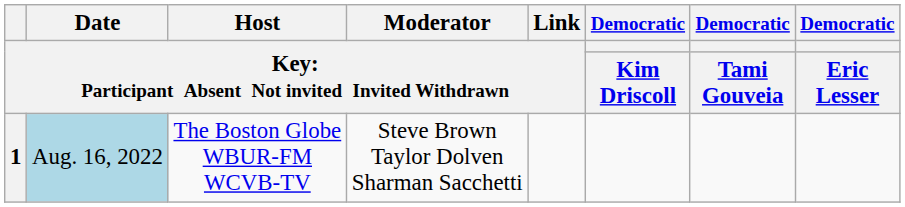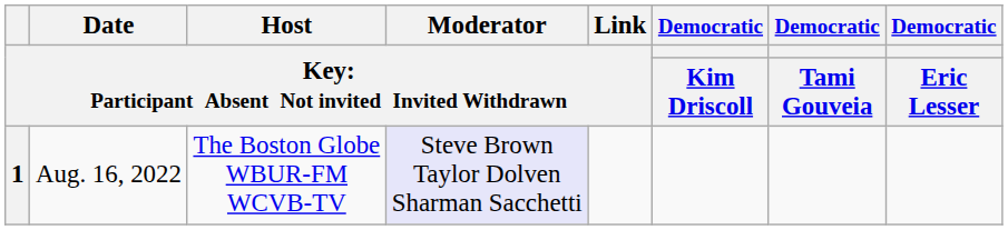 <table class="wikitable" style="text-align:center;">
 <tr>
 <th scope="col"></th>
 <th scope="col">Date</th>
 <th scope="col">Host</th>
 <th scope="col">Moderator</th>
 <th scope="col">Link</th>
 <th scope="col"><small><a href='#'>Democratic</a></small></th>
 <th scope="col"><small><a href='#'>Democratic</a></small></th>
 <th scope="col"><small><a href='#'>Democratic</a></small></th>
 </tr>
 <tr>
 <th colspan="5" rowspan="2">Key:<br> <small>Participant </small>  <small>Absent </small>  <small>Not invited </small>  <small>Invited  Withdrawn</small></th>
 <th scope="col" style="background:"></th>
 <th scope="col" style="background:"></th>
 <th scope="col" style="background:"></th>
 </tr>
 <tr>
 <th scope="col"><a href='#'>Kim Driscoll</a></th>
 <th scope="col"><a href='#'>Tami Gouveia</a></th>
 <th scope="col"><a href='#'>Eric Lesser</a></th>
 </tr>
 <tr>
 <th>1</th>
-<td style="background: lightblue; white-space:nowrap;">Aug. 16, 2022</td>
+<td style="white-space:nowrap;">Aug. 16, 2022</td>
 <td style="white-space:nowrap;"><a href='#'>The Boston Globe</a><br><a href='#'>WBUR-FM</a><br><a href='#'>WCVB-TV</a></td>
-<td style="white-space:nowrap;">Steve Brown<br>Taylor Dolven<br>Sharman Sacchetti</td>
+<td style="background: lavender; white-space:nowrap;">Steve Brown<br>Taylor Dolven<br>Sharman Sacchetti</td>
 <td style="white-space:nowrap;"></td>
 <td></td>
 <td></td>
 <td></td>
 </tr>
 </table>
